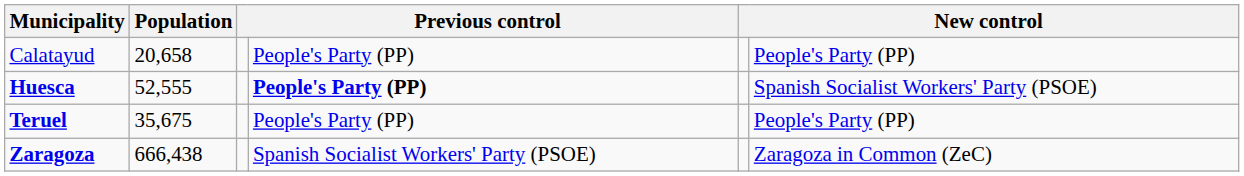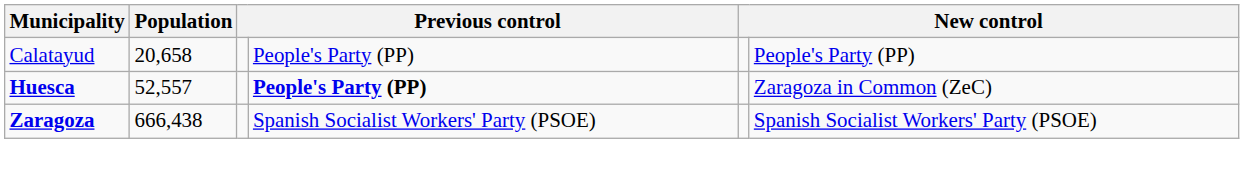 <table class="wikitable sortable">
 <tr>
 <th>Municipality</th>
 <th>Population</th>
 <th colspan="2" style="width:375px;">Previous control</th>
 <th colspan="2" style="width:375px;">New control</th>
 </tr>
 <tr>
 <td><a href='#'>Calatayud</a></td>
 <td>20,658</td>
 <td width="1" style="color:inherit;background:"></td>
 <td><a href='#'>People's Party</a> (PP)</td>
 <td width="1" style="color:inherit;background:"></td>
 <td><a href='#'>People's Party</a> (PP)</td>
 </tr>
 <tr>
 <td><strong><a href='#'>Huesca</a></strong></td>
-<td>52,555</td>
+<td>52,557</td>
 <td style="color:inherit;background:"></td>
 <td><strong><a href='#'>People's Party</a> (PP)</strong></td>
 <td style="color:inherit;background:"></td>
-<td><a href='#'>Spanish Socialist Workers' Party</a> (PSOE)</td>
-</tr>
-<tr>
-<td><strong><a href='#'>Teruel</a></strong></td>
-<td>35,675</td>
-<td style="color:inherit;background:"></td>
-<td><a href='#'>People's Party</a> (PP)</td>
-<td style="color:inherit;background:"></td>
-<td><a href='#'>People's Party</a> (PP)</td>
+<td><a href='#'>Zaragoza in Common</a> (ZeC)</td>
 </tr>
 <tr>
 <td><strong><a href='#'>Zaragoza</a></strong></td>
 <td>666,438</td>
 <td style="color:inherit;background:"></td>
 <td><a href='#'>Spanish Socialist Workers' Party</a> (PSOE)</td>
 <td style="color:inherit;background:"></td>
-<td><a href='#'>Zaragoza in Common</a> (ZeC)</td>
+<td><a href='#'>Spanish Socialist Workers' Party</a> (PSOE)</td>
 </tr>
 </table>
